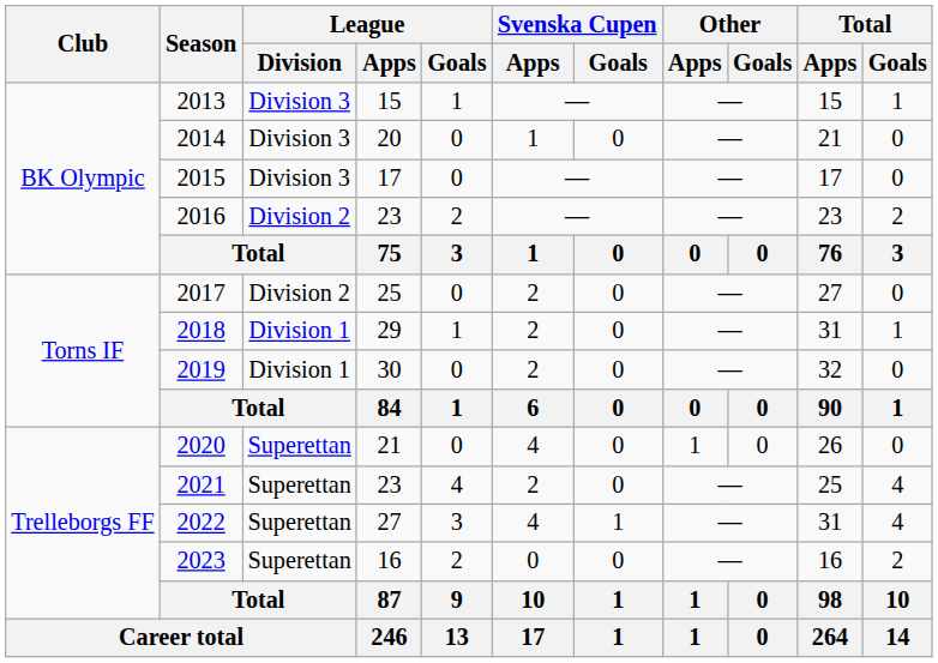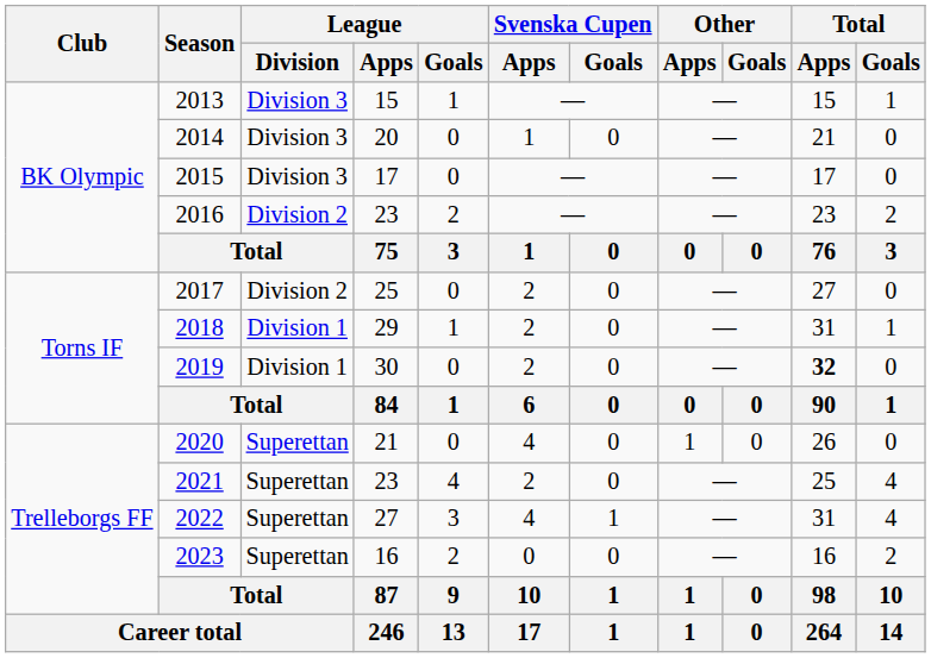 <table class="wikitable" style="text-align:center">
 <tr>
 <th rowspan="2">Club</th>
 <th rowspan="2">Season</th>
 <th colspan="3">League</th>
 <th colspan="2"><a href='#'>Svenska Cupen</a></th>
 <th colspan="2">Other</th>
 <th colspan="2">Total</th>
 </tr>
 <tr>
 <th>Division</th>
 <th>Apps</th>
 <th>Goals</th>
 <th>Apps</th>
 <th>Goals</th>
 <th>Apps</th>
 <th>Goals</th>
 <th>Apps</th>
 <th>Goals</th>
 </tr>
 <tr>
 <td rowspan="5"><a href='#'>BK Olympic</a></td>
 <td>2013</td>
 <td><a href='#'>Division 3</a></td>
 <td>15</td>
 <td>1</td>
 <td colspan="2">—</td>
 <td colspan="2">—</td>
 <td>15</td>
 <td>1</td>
 </tr>
 <tr>
 <td>2014</td>
 <td>Division 3</td>
 <td>20</td>
 <td>0</td>
 <td>1</td>
 <td>0</td>
 <td colspan="2">—</td>
 <td>21</td>
 <td>0</td>
 </tr>
 <tr>
 <td>2015</td>
 <td>Division 3</td>
 <td>17</td>
 <td>0</td>
 <td colspan="2">—</td>
 <td colspan="2">—</td>
 <td>17</td>
 <td>0</td>
 </tr>
 <tr>
 <td>2016</td>
 <td><a href='#'>Division 2</a></td>
 <td>23</td>
 <td>2</td>
 <td colspan="2">—</td>
 <td colspan="2">—</td>
 <td>23</td>
 <td>2</td>
 </tr>
 <tr>
 <th colspan="2">Total</th>
 <th>75</th>
 <th>3</th>
 <th>1</th>
 <th>0</th>
 <th>0</th>
 <th>0</th>
 <th>76</th>
 <th>3</th>
 </tr>
 <tr>
 <td rowspan="4"><a href='#'>Torns IF</a></td>
 <td>2017</td>
 <td>Division 2</td>
 <td>25</td>
 <td>0</td>
 <td>2</td>
 <td>0</td>
 <td colspan="2">—</td>
 <td>27</td>
 <td>0</td>
 </tr>
 <tr>
 <td><a href='#'>2018</a></td>
 <td><a href='#'>Division 1</a></td>
 <td>29</td>
 <td>1</td>
 <td>2</td>
 <td>0</td>
 <td colspan="2">—</td>
 <td>31</td>
 <td>1</td>
 </tr>
 <tr>
 <td><a href='#'>2019</a></td>
 <td>Division 1</td>
 <td>30</td>
 <td>0</td>
 <td>2</td>
 <td>0</td>
 <td colspan="2">—</td>
-<td>32</td>
+<td><strong>32</strong></td>
 <td>0</td>
 </tr>
 <tr>
 <th colspan="2">Total</th>
 <th>84</th>
 <th>1</th>
 <th>6</th>
 <th>0</th>
 <th>0</th>
 <th>0</th>
 <th>90</th>
 <th>1</th>
 </tr>
 <tr>
 <td rowspan="5"><a href='#'>Trelleborgs FF</a></td>
 <td><a href='#'>2020</a></td>
 <td><a href='#'>Superettan</a></td>
 <td>21</td>
 <td>0</td>
 <td>4</td>
 <td>0</td>
 <td>1</td>
 <td>0</td>
 <td>26</td>
 <td>0</td>
 </tr>
 <tr>
 <td><a href='#'>2021</a></td>
 <td>Superettan</td>
 <td>23</td>
 <td>4</td>
 <td>2</td>
 <td>0</td>
 <td colspan="2">—</td>
 <td>25</td>
 <td>4</td>
 </tr>
 <tr>
 <td><a href='#'>2022</a></td>
 <td>Superettan</td>
 <td>27</td>
 <td>3</td>
 <td>4</td>
 <td>1</td>
 <td colspan="2">—</td>
 <td>31</td>
 <td>4</td>
 </tr>
 <tr>
 <td><a href='#'>2023</a></td>
 <td>Superettan</td>
 <td>16</td>
 <td>2</td>
 <td>0</td>
 <td>0</td>
 <td colspan="2">—</td>
 <td>16</td>
 <td>2</td>
 </tr>
 <tr>
 <th colspan="2">Total</th>
 <th>87</th>
 <th>9</th>
 <th>10</th>
 <th>1</th>
 <th>1</th>
 <th>0</th>
 <th>98</th>
 <th>10</th>
 </tr>
 <tr>
 <th colspan="3">Career total</th>
 <th>246</th>
 <th>13</th>
 <th>17</th>
 <th>1</th>
 <th>1</th>
 <th>0</th>
 <th>264</th>
 <th>14</th>
 </tr>
 </table>
